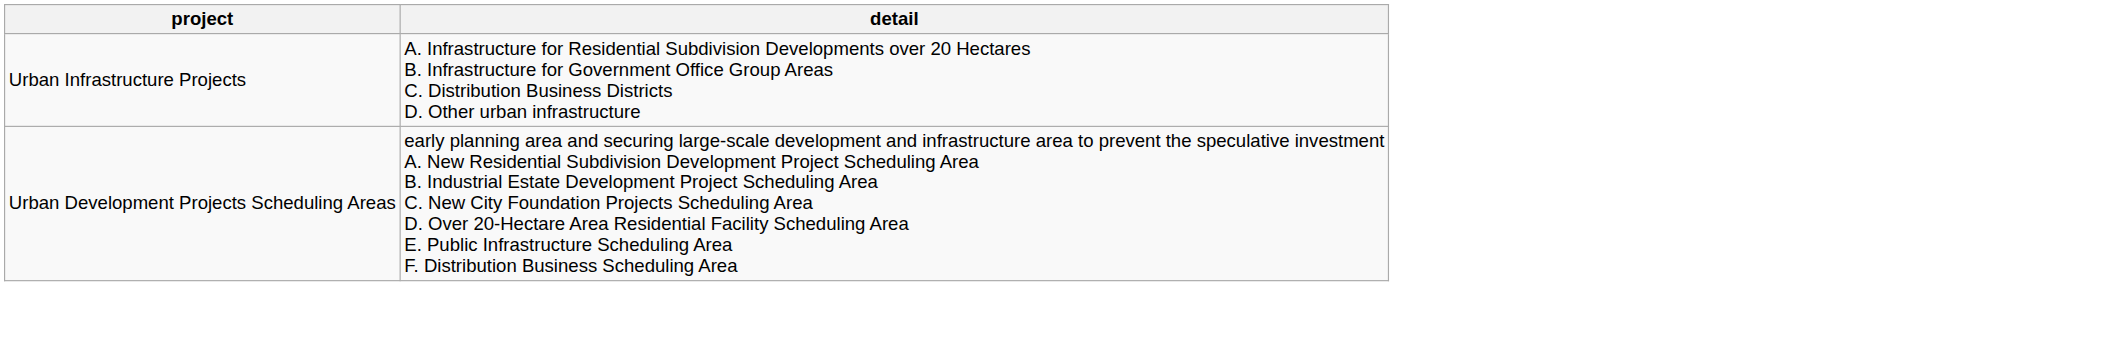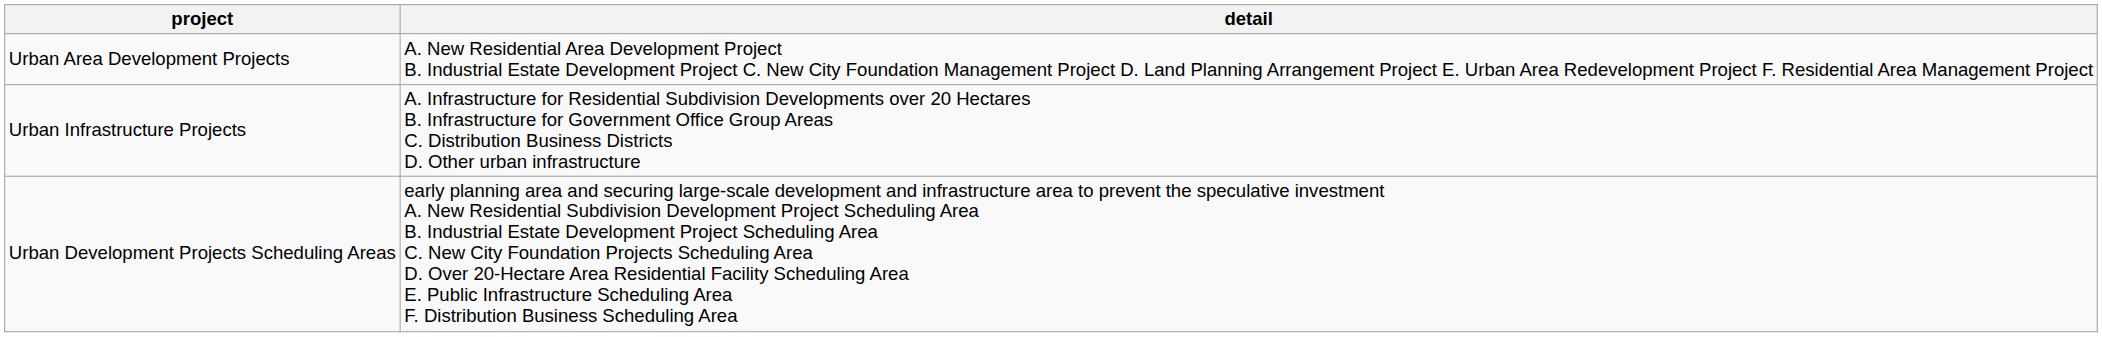 <table class="wikitable">
 <tr>
 <th>project</th>
 <th>detail</th>
+</tr>
+<tr>
+<td>Urban Area Development Projects</td>
+<td>A. New Residential Area Development Project<br>B. Industrial Estate Development Project C. New City Foundation Management Project D. Land Planning Arrangement Project E. Urban Area Redevelopment Project F. Residential Area Management Project</td>
 </tr>
 <tr>
 <td>Urban Infrastructure Projects</td>
 <td>A. Infrastructure for Residential Subdivision Developments over 20 Hectares<br>B. Infrastructure for Government Office Group Areas <br>C. Distribution Business Districts <br>D. Other urban infrastructure</td>
 </tr>
 <tr>
 <td>Urban Development Projects Scheduling Areas</td>
 <td>early planning area and securing large-scale development and infrastructure area to prevent the speculative investment<br>A. New Residential Subdivision Development Project Scheduling Area <br>B. Industrial Estate Development Project Scheduling Area <br>C. New City Foundation Projects Scheduling Area <br>D. Over 20-Hectare Area Residential Facility Scheduling Area <br>E. Public Infrastructure Scheduling Area <br>F. Distribution Business Scheduling Area</td>
 </tr>
 </table>
